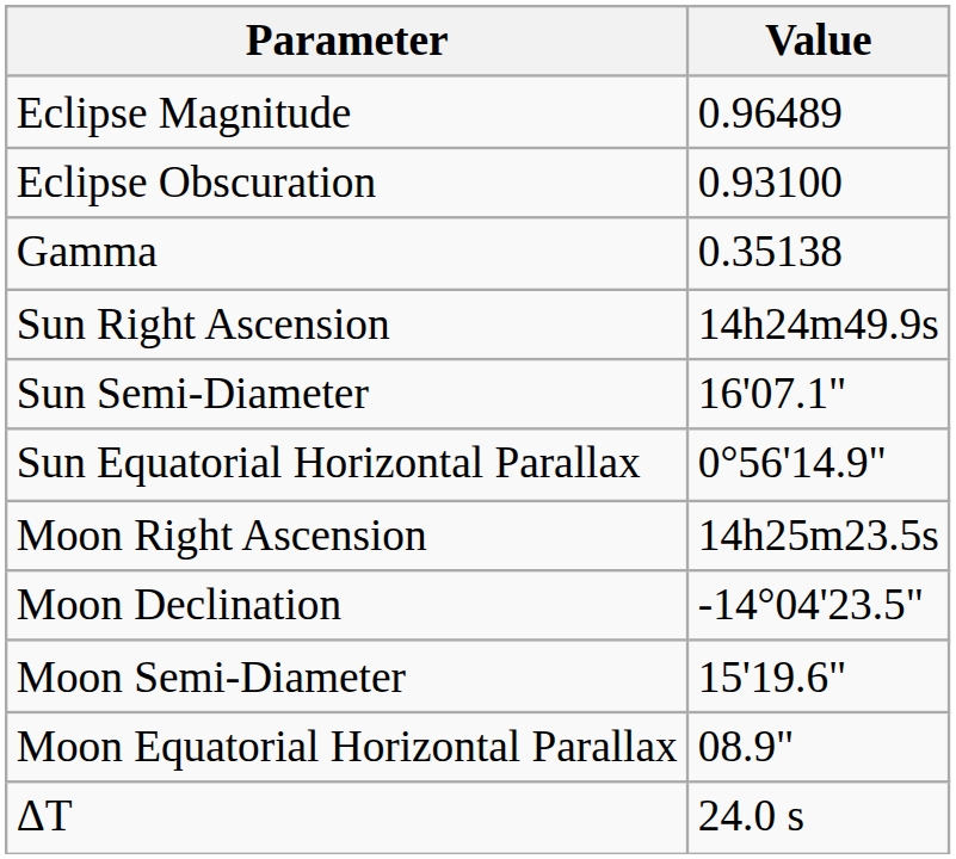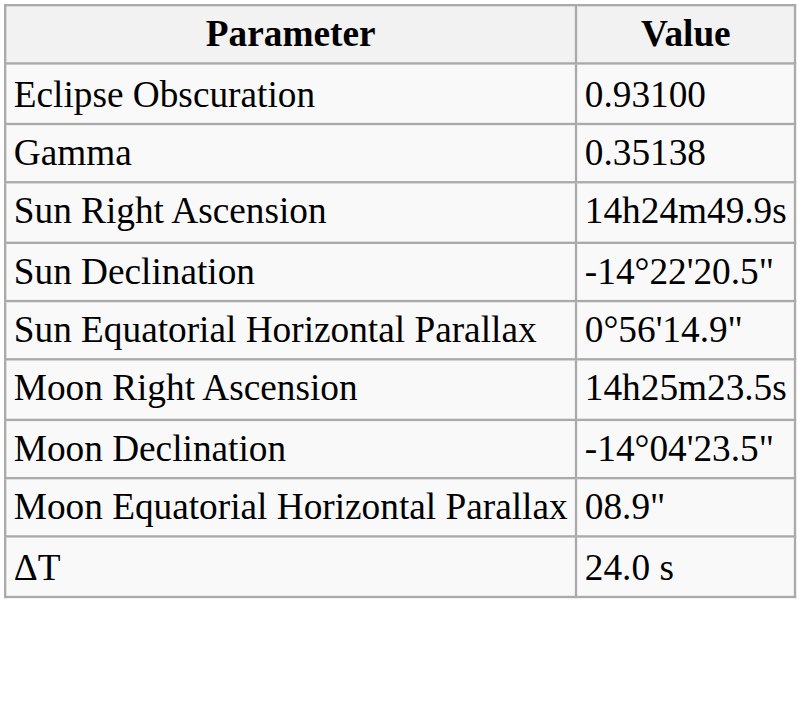 <table class="wikitable">
 <tr>
 <th>Parameter</th>
 <th>Value</th>
-</tr>
-<tr>
-<td>Eclipse Magnitude</td>
-<td>0.96489</td>
 </tr>
 <tr>
 <td>Eclipse Obscuration</td>
 <td>0.93100</td>
 </tr>
 <tr>
 <td>Gamma</td>
 <td>0.35138</td>
 </tr>
 <tr>
 <td>Sun Right Ascension</td>
 <td>14h24m49.9s</td>
 </tr>
 <tr>
-<td>Sun Semi-Diameter</td>
-<td>16'07.1"</td>
+<td>Sun Declination</td>
+<td>-14°22'20.5"</td>
 </tr>
 <tr>
 <td>Sun Equatorial Horizontal Parallax</td>
 <td>0°56'14.9"</td>
 </tr>
 <tr>
 <td>Moon Right Ascension</td>
 <td>14h25m23.5s</td>
 </tr>
 <tr>
 <td>Moon Declination</td>
 <td>-14°04'23.5"</td>
 </tr>
 <tr>
-<td>Moon Semi-Diameter</td>
-<td>15'19.6"</td>
-</tr>
-<tr>
 <td>Moon Equatorial Horizontal Parallax</td>
 <td>08.9"</td>
 </tr>
 <tr>
 <td>ΔT</td>
 <td>24.0 s</td>
 </tr>
 </table>
